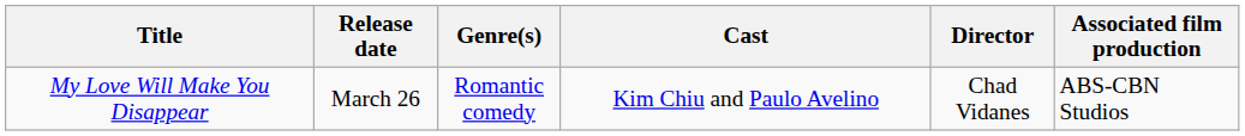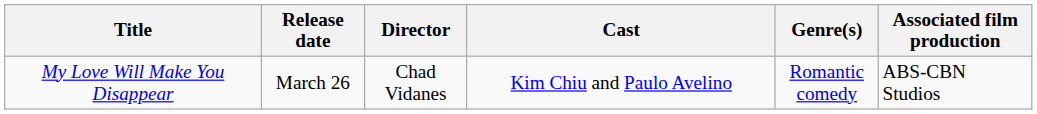 <table class="wikitable" style="width:97%">
 <tr>
 <th style="width:25%;">Title</th>
 <th style="width:10%;">Release date</th>
+<th style="width:10%;">Director</th>
+<th style="width:30%;">Cast</th>
 <th style="width:10%;">Genre(s)</th>
-<th style="width:30%;">Cast</th>
-<th style="width:10%;">Director</th>
 <th style="width:15%;">Associated film production</th>
 </tr>
 <tr>
 <td style="text-align: center;"><em><a href='#'>My Love Will Make You Disappear</a></em></td>
 <td style="text-align: center;">March 26</td>
+<td style="text-align: center;">Chad Vidanes</td>
+<td style="text-align: center;"><a href='#'>Kim Chiu</a> and <a href='#'>Paulo Avelino</a></td>
 <td style="text-align: center;"><a href='#'>Romantic comedy</a></td>
-<td style="text-align: center;"><a href='#'>Kim Chiu</a> and <a href='#'>Paulo Avelino</a></td>
-<td style="text-align: center;">Chad Vidanes</td>
 <td>ABS-CBN Studios</td>
 </tr>
 </table>
